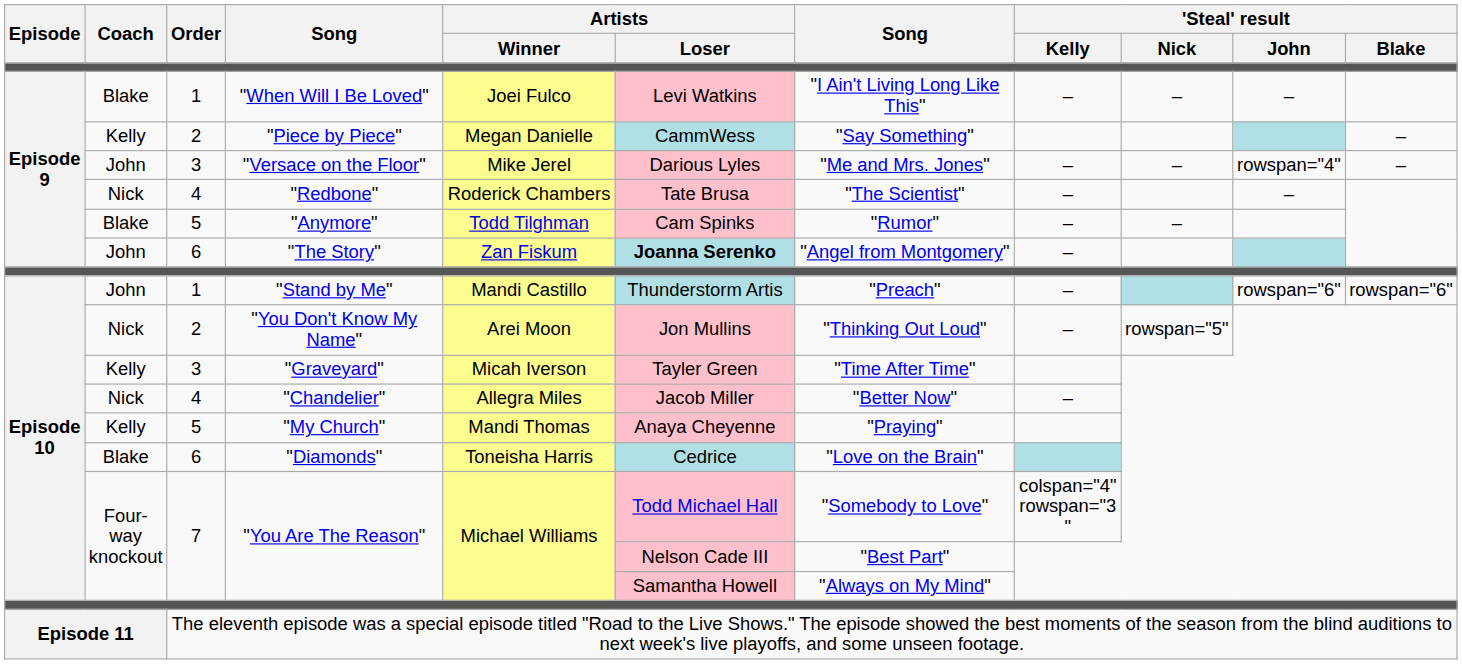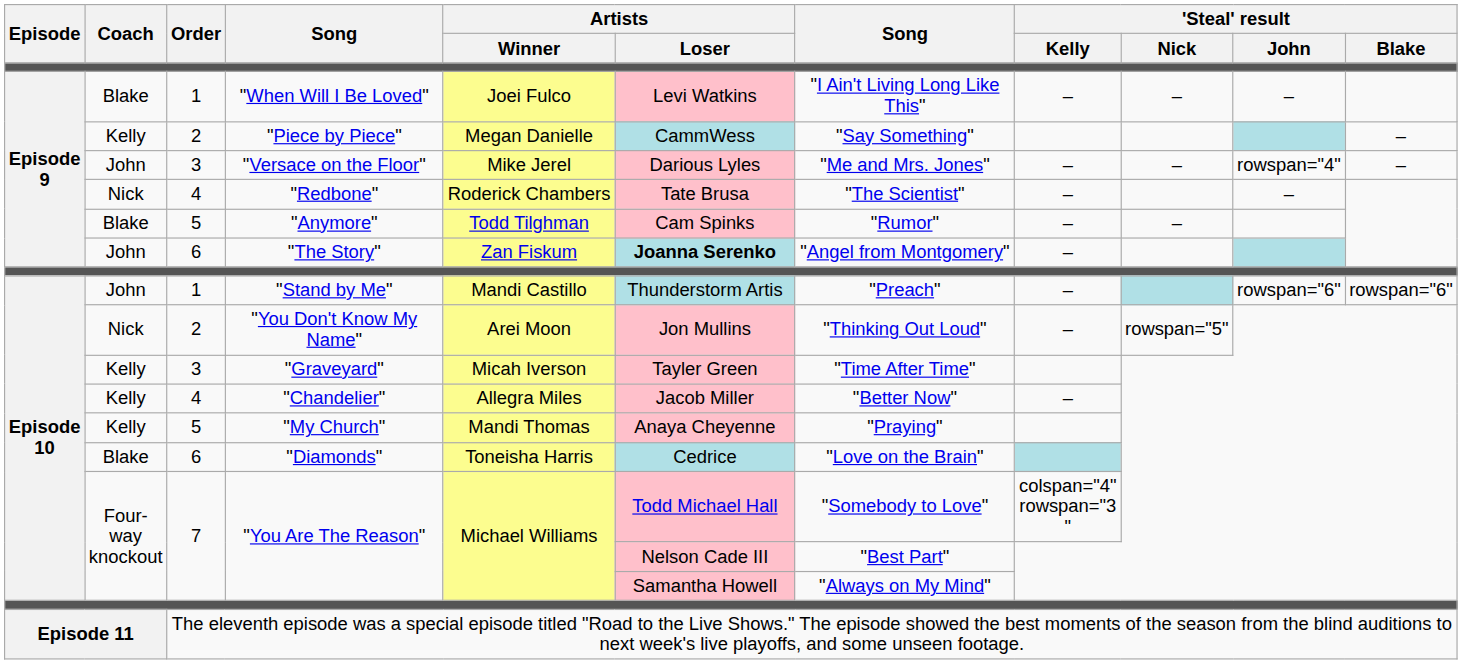 <table class="wikitable" style="text-align: center; width:100%">
 <tr>
 <th rowspan="2" style="width:05%">Episode</th>
 <th rowspan="2" style="width:05%">Coach</th>
 <th rowspan="2" style="width:01%">Order</th>
 <th rowspan="2" style="width:18%">Song</th>
 <th colspan="2" style="width:28%">Artists</th>
 <th rowspan="2" style="width:18%">Song</th>
 <th colspan="4" style="width:16%">'Steal' result</th>
 </tr>
 <tr>
 <th style="width:14%">Winner</th>
 <th style="width:14%">Loser</th>
 <th style="width:04%">Kelly</th>
 <th style="width:04%">Nick</th>
 <th style="width:04%">John</th>
 <th style="width:04%">Blake</th>
 </tr>
 <tr>
 <td colspan="11" style="background:#555"></td>
 </tr>
 <tr>
 <th rowspan="6">Episode 9<br></th>
 <td>Blake</td>
 <td>1</td>
 <td>"<a href='#'>When Will I Be Loved</a>"</td>
 <td style="background:#FCFD8F">Joei Fulco</td>
 <td style="background:pink">Levi Watkins</td>
 <td>"<a href='#'>I Ain't Living Long Like This</a>"</td>
 <td>–</td>
 <td>–</td>
 <td>–</td>
 <td></td>
 </tr>
 <tr>
 <td>Kelly</td>
 <td>2</td>
 <td>"<a href='#'>Piece by Piece</a>"</td>
 <td style="background:#FCFD8F">Megan Danielle</td>
 <td style="background:#b0e0e6">CammWess</td>
 <td>"<a href='#'>Say Something</a>"</td>
 <td></td>
 <td><em></em></td>
 <td style="background:#b0e0e6"><em></em></td>
 <td>–</td>
 </tr>
 <tr>
 <td>John</td>
 <td>3</td>
 <td>"<a href='#'>Versace on the Floor</a>"</td>
 <td style="background:#FCFD8F">Mike Jerel</td>
 <td style="background:pink">Darious Lyles</td>
 <td>"<a href='#'>Me and Mrs. Jones</a>"</td>
 <td>–</td>
 <td>–</td>
 <td>rowspan="4" </td>
 <td>–</td>
 </tr>
 <tr>
 <td>Nick</td>
 <td>4</td>
 <td>"<a href='#'>Redbone</a>"</td>
 <td style="background:#FCFD8F">Roderick Chambers</td>
 <td style="background:pink">Tate Brusa</td>
 <td>"<a href='#'>The Scientist</a>"</td>
 <td>–</td>
 <td></td>
 <td>–</td>
 </tr>
 <tr>
 <td>Blake</td>
 <td>5</td>
 <td>"<a href='#'>Anymore</a>"</td>
 <td style="background:#FCFD8F"><a href='#'>Todd Tilghman</a></td>
 <td style="background:pink">Cam Spinks</td>
 <td>"<a href='#'>Rumor</a>"</td>
 <td>–</td>
 <td>–</td>
 <td></td>
 </tr>
 <tr>
 <td>John</td>
 <td>6</td>
 <td>"<a href='#'>The Story</a>"</td>
 <td style="background:#FCFD8F"><a href='#'>Zan Fiskum</a></td>
 <td style="background:#b0e0e6"><strong>Joanna Serenko</strong></td>
 <td>"<a href='#'>Angel from Montgomery</a>"</td>
 <td>–</td>
 <td><em></em></td>
 <td style="background:#b0e0e6"><em></em></td>
 </tr>
 <tr>
 <td colspan="11" style="background:#555"></td>
 </tr>
 <tr>
 <th rowspan="9">Episode 10<br></th>
 <td>John</td>
 <td>1</td>
 <td>"<a href='#'>Stand by Me</a>"</td>
 <td style="background:#FCFD8F">Mandi Castillo</td>
 <td style="background:#b0e0e6">Thunderstorm Artis</td>
 <td>"<a href='#'>Preach</a>"</td>
 <td>–</td>
 <td style="background:#b0e0e6"><em></em></td>
 <td>rowspan="6" </td>
 <td>rowspan="6" </td>
 </tr>
 <tr>
 <td>Nick</td>
 <td>2</td>
 <td>"<a href='#'>You Don't Know My Name</a>"</td>
 <td style="background:#FCFD8F">Arei Moon</td>
 <td style="background:pink">Jon Mullins</td>
 <td>"<a href='#'>Thinking Out Loud</a>"</td>
 <td>–</td>
 <td>rowspan="5" </td>
 </tr>
 <tr>
 <td>Kelly</td>
 <td>3</td>
 <td>"<a href='#'>Graveyard</a>"</td>
 <td style="background:#FCFD8F">Micah Iverson</td>
 <td style="background:pink">Tayler Green</td>
 <td>"<a href='#'>Time After Time</a>"</td>
 <td></td>
 </tr>
 <tr>
-<td>Nick</td>
+<td>Kelly</td>
 <td>4</td>
 <td>"<a href='#'>Chandelier</a>"</td>
 <td style="background:#FCFD8F">Allegra Miles</td>
 <td style="background:pink">Jacob Miller</td>
 <td>"<a href='#'>Better Now</a>"</td>
 <td>–</td>
 </tr>
 <tr>
 <td>Kelly</td>
 <td>5</td>
 <td>"<a href='#'>My Church</a>"</td>
 <td style="background:#FCFD8F">Mandi Thomas</td>
 <td style="background:pink">Anaya Cheyenne</td>
 <td>"<a href='#'>Praying</a>"</td>
 <td></td>
 </tr>
 <tr>
 <td>Blake</td>
 <td>6</td>
 <td>"<a href='#'>Diamonds</a>"</td>
 <td style="background:#FCFD8F">Toneisha Harris</td>
 <td style="background:#b0e0e6">Cedrice</td>
 <td>"<a href='#'>Love on the Brain</a>"</td>
 <td style="background:#b0e0e6"><em></em></td>
 </tr>
 <tr>
 <td rowspan="3">Four-way knockout</td>
 <td rowspan="3">7</td>
 <td rowspan="3">"<a href='#'>You Are The Reason</a>"</td>
 <td rowspan="3" style="background:#FCFD8F">Michael Williams</td>
 <td style="background:pink"><a href='#'>Todd Michael Hall</a></td>
 <td>"<a href='#'>Somebody to Love</a>"</td>
 <td>colspan="4" rowspan="3 "</td>
 </tr>
 <tr>
 <td style="background:pink">Nelson Cade III</td>
 <td>"<a href='#'>Best Part</a>"</td>
 </tr>
 <tr>
 <td style="background:pink">Samantha Howell</td>
 <td>"<a href='#'>Always on My Mind</a>"</td>
 </tr>
 <tr>
 <td colspan="11" style="background:#555"></td>
 </tr>
 <tr>
 <th colspan="2">Episode 11<br></th>
 <td colspan="9">The eleventh episode was a special episode titled "Road to the Live Shows." The episode showed the best moments of the season from the blind auditions to next week's live playoffs, and some unseen footage.</td>
 </tr>
 </table>
